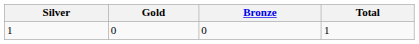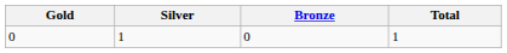 <table class="wikitable" width=30%>
 <tr>
+<th>Gold</th>
 <th>Silver</th>
-<th>Gold</th>
 <th><a href='#'>Bronze</a></th>
 <th>Total</th>
 </tr>
 <tr>
+<td>0</td>
 <td>1</td>
-<td>0</td>
 <td>0</td>
 <td>1</td>
 </tr>
 </table>
